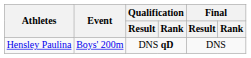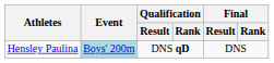 <table class="wikitable" border="1" style="font-size:90%">
 <tr>
 <th rowspan=2>Athletes</th>
 <th rowspan=2>Event</th>
 <th colspan=2>Qualification</th>
 <th colspan=2>Final</th>
 </tr>
 <tr>
 <th>Result</th>
 <th>Rank</th>
 <th>Result</th>
 <th>Rank</th>
 </tr>
 <tr>
 <td><a href='#'>Hensley Paulina</a></td>
-<td><a href='#'>Boys' 200m</a></td>
+<td style="background: lightblue;"><a href='#'>Boys' 200m</a></td>
 <td align=center colspan="2">DNS <strong>qD</strong></td>
 <td align=center colspan="2">DNS</td>
 </tr>
 </table>
